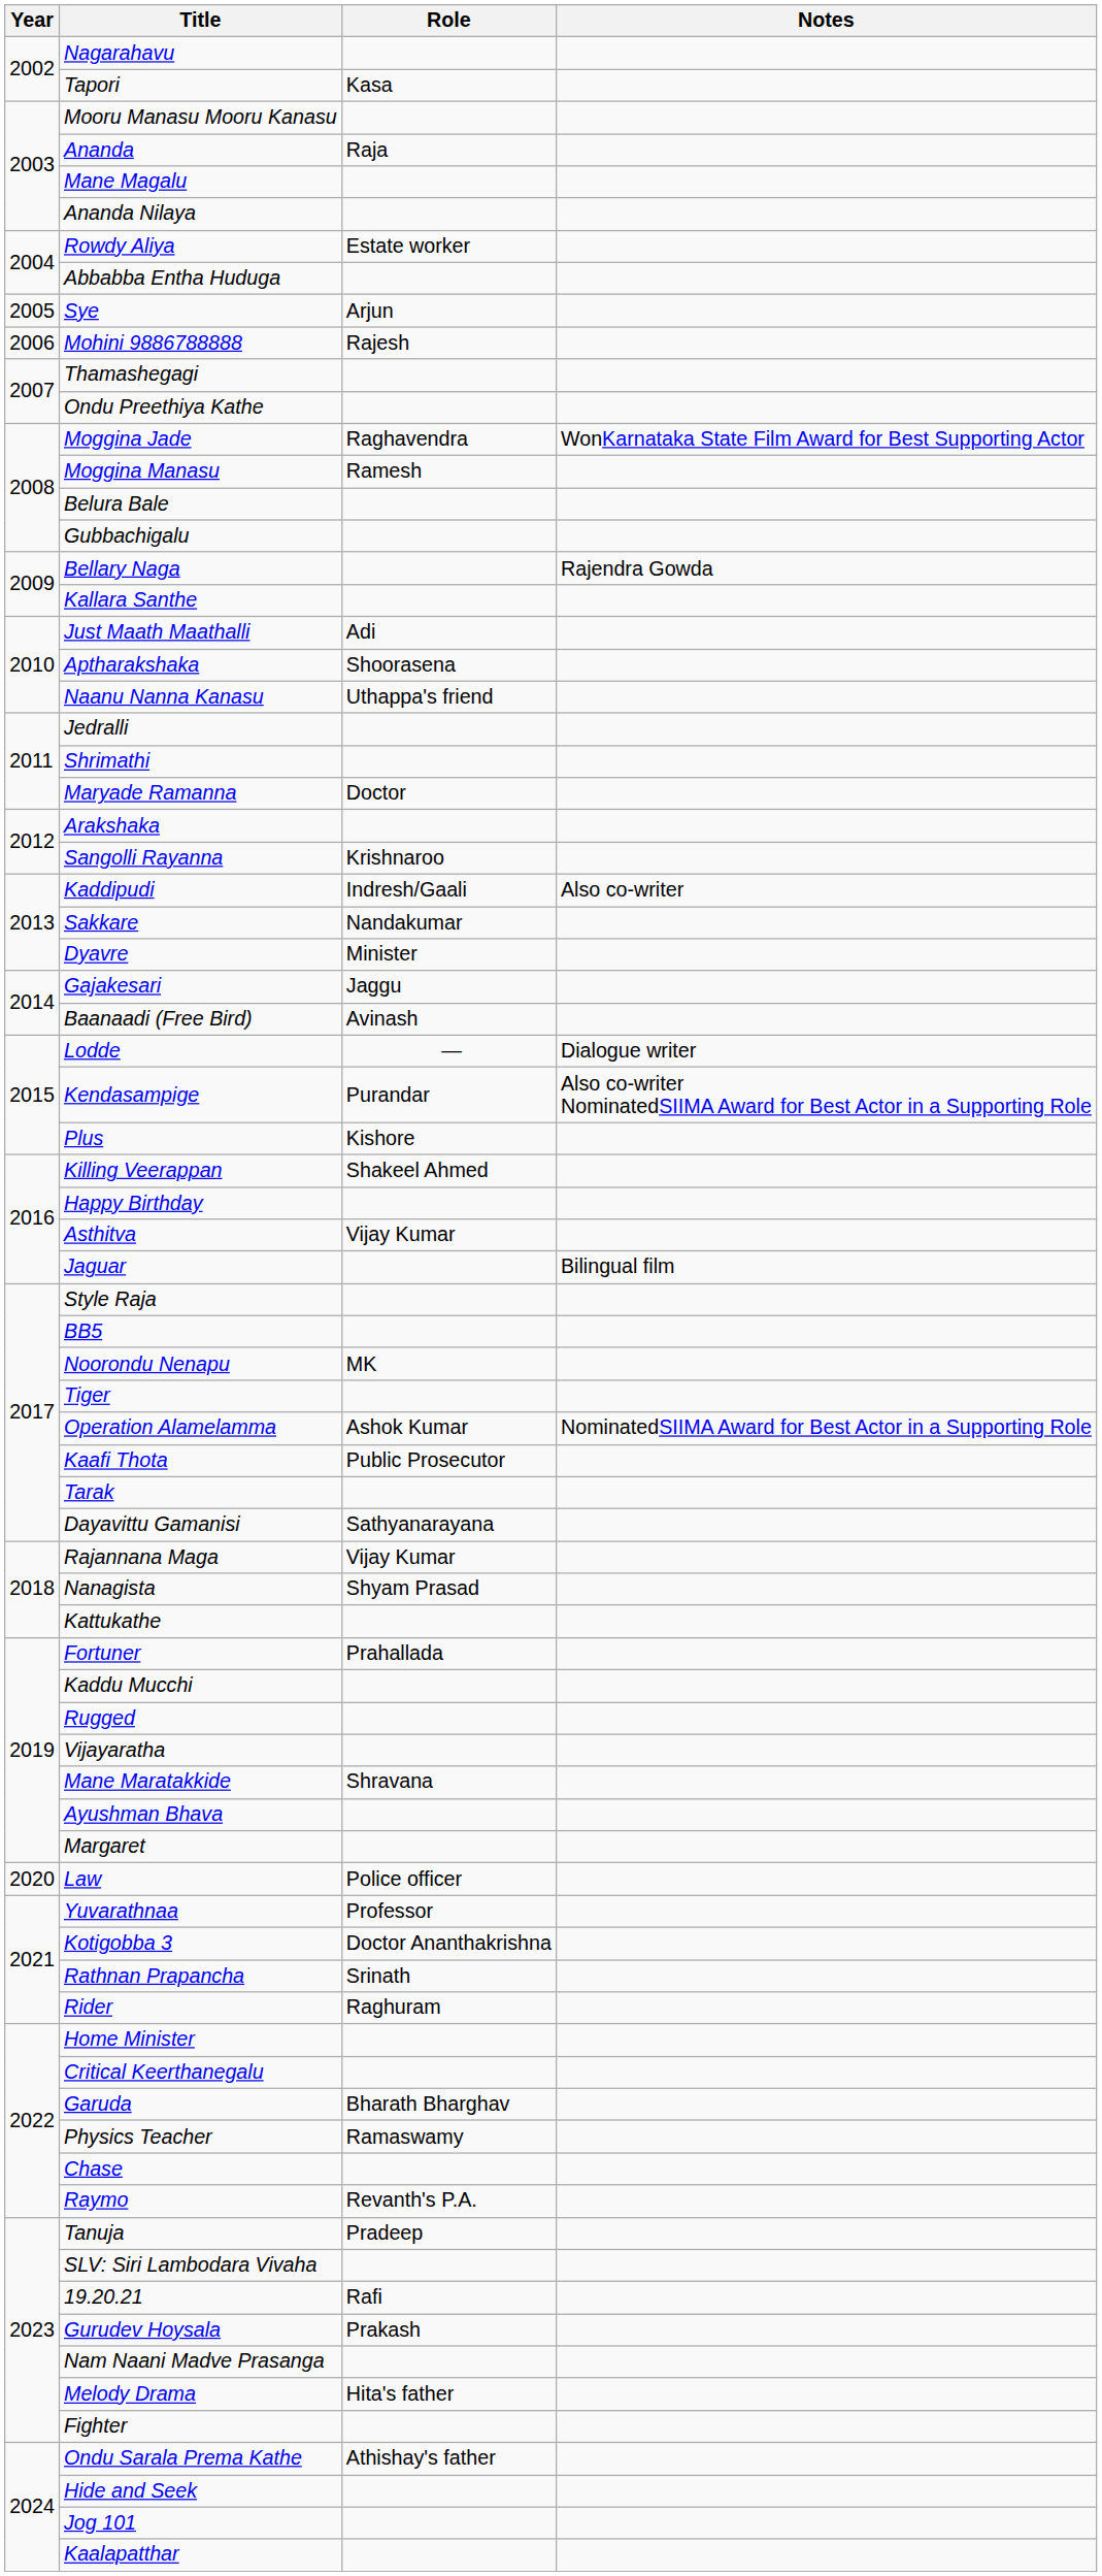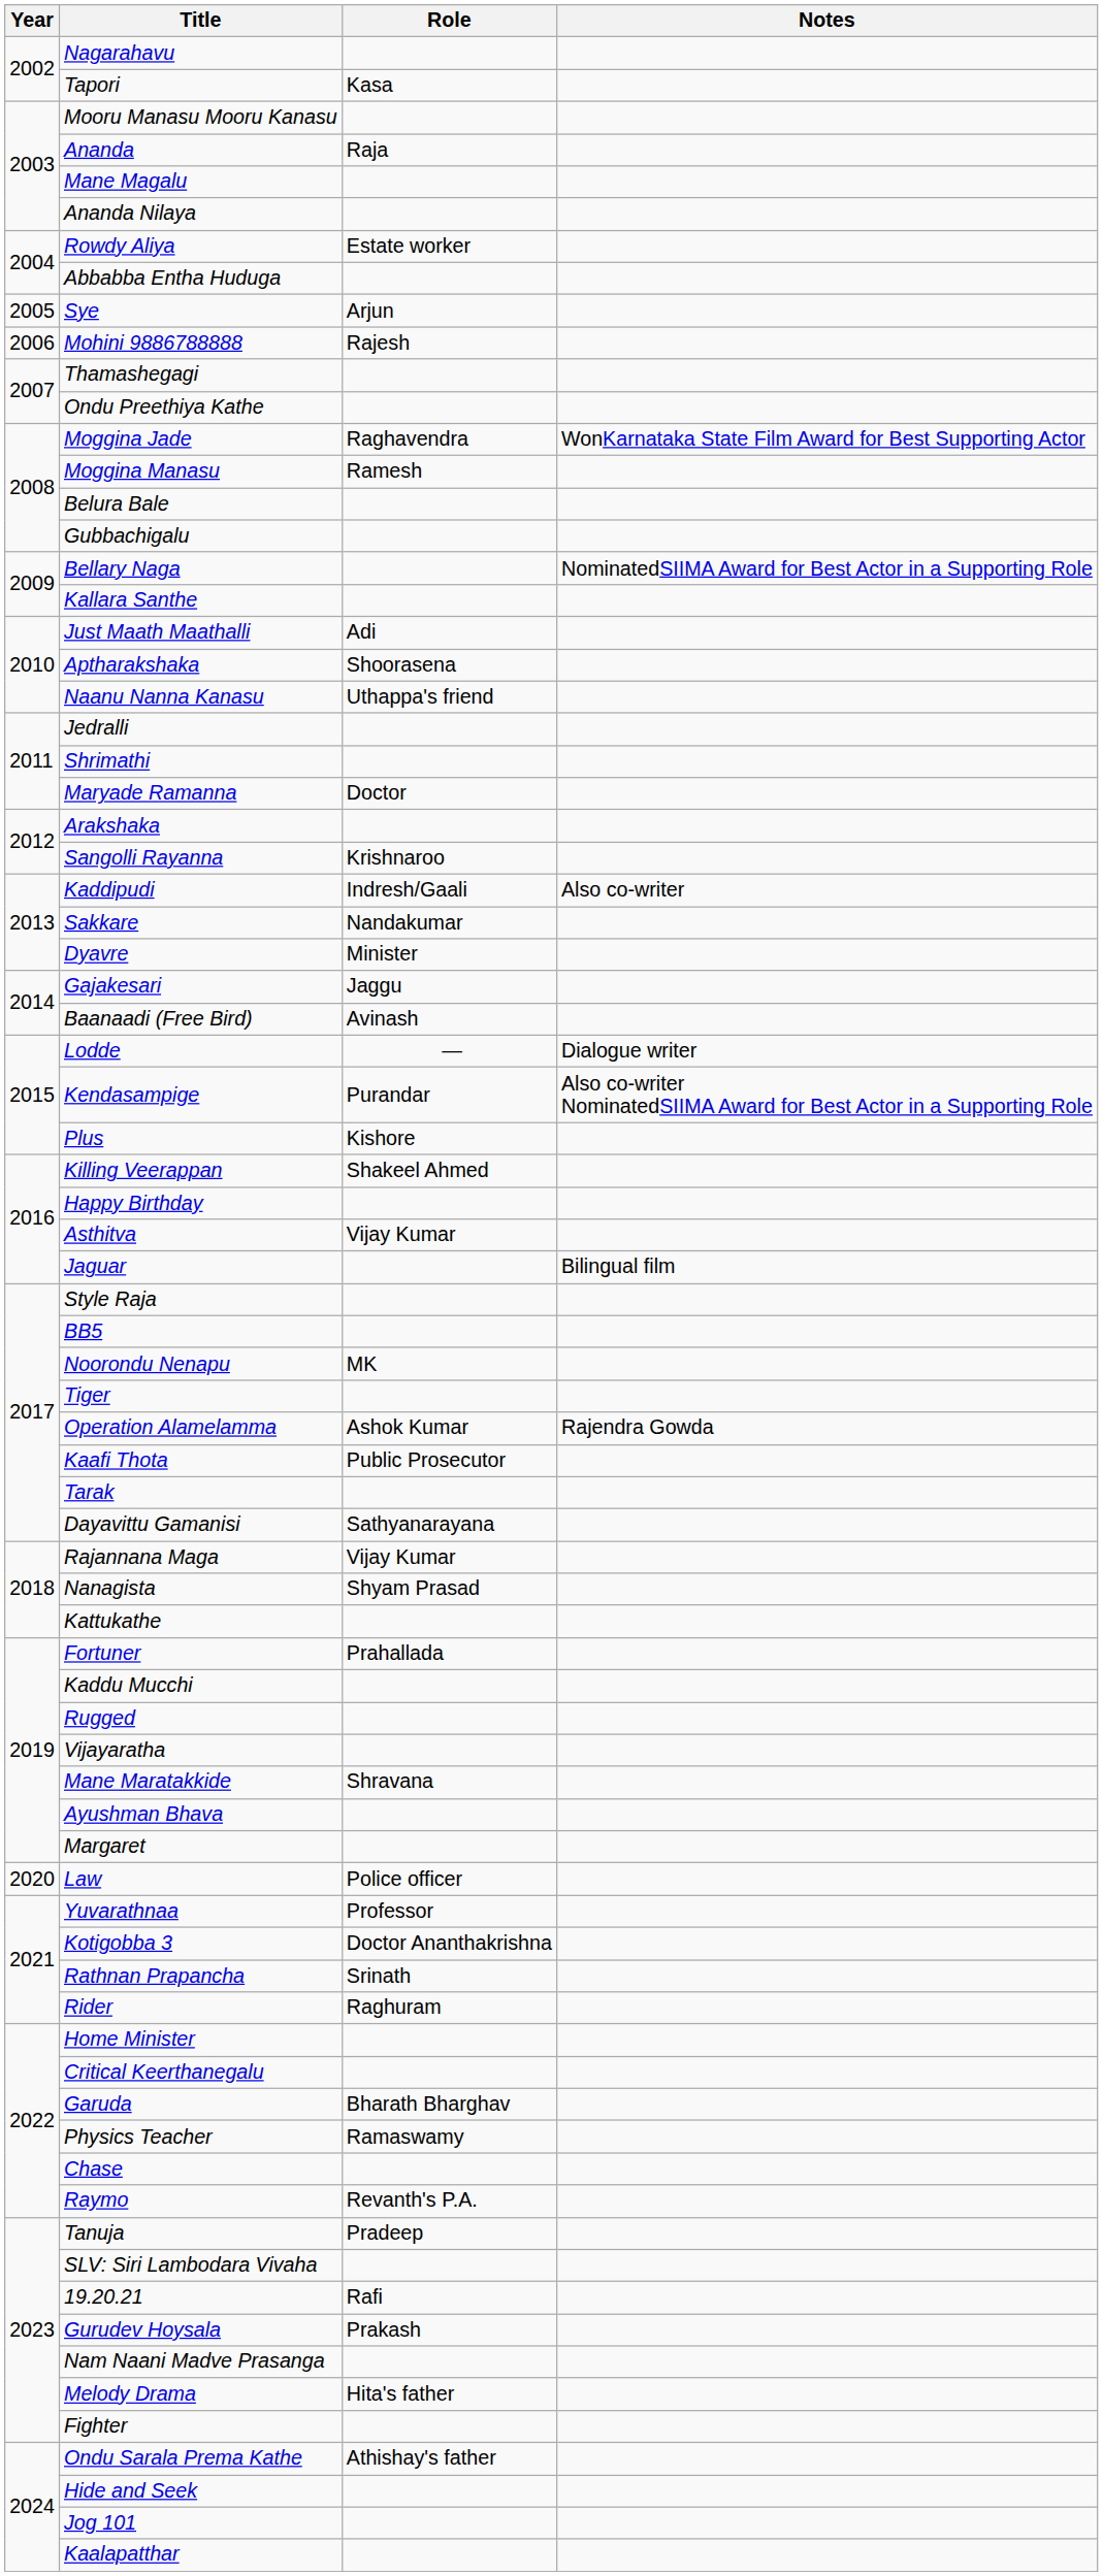 <table class="wikitable">
 <tr>
 <th>Year</th>
 <th>Title</th>
 <th>Role</th>
 <th>Notes</th>
 </tr>
 <tr>
 <td rowspan="2">2002</td>
 <td><em><a href='#'>Nagarahavu</a></em></td>
 <td></td>
 <td></td>
 </tr>
 <tr>
 <td><em>Tapori</em></td>
 <td>Kasa</td>
 <td></td>
 </tr>
 <tr>
 <td rowspan="4">2003</td>
 <td><em>Mooru Manasu Mooru Kanasu</em></td>
 <td></td>
 <td></td>
 </tr>
 <tr>
 <td><em><a href='#'>Ananda</a></em></td>
 <td>Raja</td>
 <td></td>
 </tr>
 <tr>
 <td><em><a href='#'>Mane Magalu</a></em></td>
 <td></td>
 <td></td>
 </tr>
 <tr>
 <td><em>Ananda Nilaya</em></td>
 <td></td>
 <td></td>
 </tr>
 <tr>
 <td rowspan="2">2004</td>
 <td><em><a href='#'>Rowdy Aliya</a></em></td>
 <td>Estate worker</td>
 <td></td>
 </tr>
 <tr>
 <td><em>Abbabba Entha Huduga</em></td>
 <td></td>
 <td></td>
 </tr>
 <tr>
 <td>2005</td>
 <td><em><a href='#'>Sye</a></em></td>
 <td>Arjun</td>
 <td></td>
 </tr>
 <tr>
 <td>2006</td>
 <td><em><a href='#'>Mohini 9886788888</a></em></td>
 <td>Rajesh</td>
 <td></td>
 </tr>
 <tr>
 <td rowspan="2">2007</td>
 <td><em>Thamashegagi</em></td>
 <td></td>
 <td></td>
 </tr>
 <tr>
 <td><em>Ondu Preethiya Kathe</em></td>
 <td></td>
 <td></td>
 </tr>
 <tr>
 <td rowspan="4">2008</td>
 <td><em><a href='#'>Moggina Jade</a></em></td>
 <td>Raghavendra</td>
 <td>Won<a href='#'>Karnataka State Film Award for Best Supporting Actor</a></td>
 </tr>
 <tr>
 <td><em><a href='#'>Moggina Manasu</a></em></td>
 <td>Ramesh</td>
 <td></td>
 </tr>
 <tr>
 <td><em>Belura Bale</em></td>
 <td></td>
 <td></td>
 </tr>
 <tr>
 <td><em>Gubbachigalu</em></td>
 <td></td>
 <td></td>
 </tr>
 <tr>
 <td rowspan="2">2009</td>
 <td><em><a href='#'>Bellary Naga</a></em></td>
 <td></td>
-<td>Rajendra Gowda</td>
+<td>Nominated<a href='#'>SIIMA Award for Best Actor in a Supporting Role</a></td>
 </tr>
 <tr>
 <td><em><a href='#'>Kallara Santhe</a></em></td>
 <td></td>
 <td></td>
 </tr>
 <tr>
 <td rowspan="3">2010</td>
 <td><em><a href='#'>Just Maath Maathalli</a></em></td>
 <td>Adi</td>
 <td></td>
 </tr>
 <tr>
 <td><em><a href='#'>Aptharakshaka</a></em></td>
 <td>Shoorasena</td>
 <td></td>
 </tr>
 <tr>
 <td><em><a href='#'>Naanu Nanna Kanasu</a></em></td>
 <td>Uthappa's friend</td>
 <td></td>
 </tr>
 <tr>
 <td rowspan="3">2011</td>
 <td><em>Jedralli</em></td>
 <td></td>
 <td></td>
 </tr>
 <tr>
 <td><em><a href='#'>Shrimathi</a></em></td>
 <td></td>
 <td></td>
 </tr>
 <tr>
 <td><em><a href='#'>Maryade Ramanna</a></em></td>
 <td>Doctor</td>
 <td></td>
 </tr>
 <tr>
 <td rowspan="2">2012</td>
 <td><em><a href='#'>Arakshaka</a></em></td>
 <td></td>
 <td></td>
 </tr>
 <tr>
 <td><em><a href='#'>Sangolli Rayanna</a></em></td>
 <td>Krishnaroo</td>
 <td></td>
 </tr>
 <tr>
 <td rowspan="3">2013</td>
 <td><em><a href='#'>Kaddipudi</a></em></td>
 <td>Indresh/Gaali</td>
 <td>Also co-writer</td>
 </tr>
 <tr>
 <td><em><a href='#'>Sakkare</a></em></td>
 <td>Nandakumar</td>
 <td></td>
 </tr>
 <tr>
 <td><em><a href='#'>Dyavre</a></em></td>
 <td>Minister</td>
 <td></td>
 </tr>
 <tr>
 <td rowspan="2">2014</td>
 <td><em><a href='#'>Gajakesari</a></em></td>
 <td>Jaggu</td>
 </tr>
 <tr>
 <td><em>Baanaadi (Free Bird)</em></td>
 <td>Avinash</td>
 <td></td>
 </tr>
 <tr>
 <td rowspan="3">2015</td>
 <td><em><a href='#'>Lodde</a></em></td>
 <td style="text-align:center;"> —</td>
 <td>Dialogue writer</td>
 </tr>
 <tr>
 <td><em><a href='#'>Kendasampige</a></em></td>
 <td>Purandar</td>
 <td>Also co-writer<br>Nominated<a href='#'>SIIMA Award for Best Actor in a Supporting Role</a></td>
 </tr>
 <tr>
 <td><em><a href='#'>Plus</a></em></td>
 <td>Kishore</td>
 <td></td>
 </tr>
 <tr>
 <td rowspan="4">2016</td>
 <td><em><a href='#'>Killing Veerappan</a></em></td>
 <td>Shakeel Ahmed</td>
 <td></td>
 </tr>
 <tr>
 <td><em><a href='#'>Happy Birthday</a></em></td>
 <td></td>
 <td></td>
 </tr>
 <tr>
 <td><em><a href='#'>Asthitva</a></em></td>
 <td>Vijay Kumar</td>
 <td></td>
 </tr>
 <tr>
 <td><em><a href='#'>Jaguar</a></em></td>
 <td></td>
 <td>Bilingual film</td>
 </tr>
 <tr>
 <td rowspan="8">2017</td>
 <td><em>Style Raja</em></td>
 <td></td>
 <td></td>
 </tr>
 <tr>
 <td><em><a href='#'>BB5</a></em></td>
 <td></td>
 <td></td>
 </tr>
 <tr>
 <td><em><a href='#'>Noorondu Nenapu</a></em></td>
 <td>MK</td>
 <td></td>
 </tr>
 <tr>
 <td><em><a href='#'>Tiger</a></em></td>
 <td></td>
 <td></td>
 </tr>
 <tr>
 <td><em><a href='#'>Operation Alamelamma</a></em></td>
 <td>Ashok Kumar</td>
-<td>Nominated<a href='#'>SIIMA Award for Best Actor in a Supporting Role</a></td>
+<td>Rajendra Gowda</td>
 </tr>
 <tr>
 <td><em><a href='#'>Kaafi Thota</a></em></td>
 <td>Public Prosecutor</td>
 <td></td>
 </tr>
 <tr>
 <td><em><a href='#'>Tarak</a></em></td>
 <td></td>
 <td></td>
 </tr>
 <tr>
 <td><em>Dayavittu Gamanisi</em></td>
 <td>Sathyanarayana</td>
 <td></td>
 </tr>
 <tr>
 <td rowspan="3">2018</td>
 <td><em>Rajannana Maga</em></td>
 <td>Vijay Kumar</td>
 <td></td>
 </tr>
 <tr>
 <td><em>Nanagista</em></td>
 <td>Shyam Prasad</td>
 <td></td>
 </tr>
 <tr>
 <td><em>Kattukathe</em></td>
 <td></td>
 <td></td>
 </tr>
 <tr>
 <td rowspan="7">2019</td>
 <td><em><a href='#'>Fortuner</a></em></td>
 <td>Prahallada</td>
 <td></td>
 </tr>
 <tr>
 <td><em>Kaddu Mucchi</em></td>
 <td></td>
 <td></td>
 </tr>
 <tr>
 <td><em><a href='#'>Rugged</a></em></td>
 <td></td>
 <td></td>
 </tr>
 <tr>
 <td><em>Vijayaratha</em></td>
 <td></td>
 <td></td>
 </tr>
 <tr>
 <td><em><a href='#'>Mane Maratakkide</a></em></td>
 <td>Shravana</td>
 <td></td>
 </tr>
 <tr>
 <td><em><a href='#'>Ayushman Bhava</a></em></td>
 <td></td>
 <td></td>
 </tr>
 <tr>
 <td><em>Margaret</em></td>
 <td></td>
 <td></td>
 </tr>
 <tr>
 <td>2020</td>
 <td><em><a href='#'>Law</a></em></td>
 <td>Police officer</td>
 <td></td>
 </tr>
 <tr>
 <td rowspan="4">2021</td>
 <td><em><a href='#'>Yuvarathnaa</a></em></td>
 <td>Professor</td>
 <td></td>
 </tr>
 <tr>
 <td><em><a href='#'>Kotigobba 3</a></em></td>
 <td>Doctor Ananthakrishna</td>
 <td></td>
 </tr>
 <tr>
 <td><em><a href='#'>Rathnan Prapancha</a></em></td>
 <td>Srinath</td>
 <td></td>
 </tr>
 <tr>
 <td><em><a href='#'>Rider</a></em></td>
 <td>Raghuram</td>
 <td></td>
 </tr>
 <tr>
 <td rowspan="6">2022</td>
 <td><em><a href='#'>Home Minister</a></em></td>
 <td></td>
 <td></td>
 </tr>
 <tr>
 <td><em><a href='#'>Critical Keerthanegalu</a></em></td>
 <td></td>
 <td></td>
 </tr>
 <tr>
 <td><em><a href='#'>Garuda</a></em></td>
 <td>Bharath Bharghav</td>
 <td></td>
 </tr>
 <tr>
 <td><em>Physics Teacher</em></td>
 <td>Ramaswamy</td>
 <td></td>
 </tr>
 <tr>
 <td><em><a href='#'>Chase</a></em></td>
 <td></td>
 <td></td>
 </tr>
 <tr>
 <td><em><a href='#'>Raymo</a></em></td>
 <td>Revanth's P.A.</td>
 <td></td>
 </tr>
 <tr>
 <td rowspan="7">2023</td>
 <td><em>Tanuja</em></td>
 <td>Pradeep</td>
 <td></td>
 </tr>
 <tr>
 <td><em>SLV: Siri Lambodara Vivaha</em></td>
 <td></td>
 <td></td>
 </tr>
 <tr>
 <td><em>19.20.21</em></td>
 <td>Rafi</td>
 <td></td>
 </tr>
 <tr>
 <td><em><a href='#'>Gurudev Hoysala</a></em></td>
 <td>Prakash</td>
 <td></td>
 </tr>
 <tr>
 <td><em>Nam Naani Madve Prasanga</em></td>
 <td></td>
 <td></td>
 </tr>
 <tr>
 <td><em><a href='#'>Melody Drama</a></em></td>
 <td>Hita's father</td>
 <td></td>
 </tr>
 <tr>
 <td><em>Fighter</em></td>
 <td></td>
 <td></td>
 </tr>
 <tr>
 <td rowspan=4>2024</td>
 <td><em><a href='#'>Ondu Sarala Prema Kathe</a></em></td>
 <td>Athishay's father</td>
 <td></td>
 </tr>
 <tr>
 <td><em><a href='#'>Hide and Seek</a></em></td>
 <td></td>
 <td></td>
 </tr>
 <tr>
 <td><em><a href='#'>Jog 101</a></em></td>
 <td></td>
 <td></td>
 </tr>
 <tr>
 <td><em><a href='#'>Kaalapatthar</a></em></td>
 <td></td>
 <td></td>
 </tr>
 <tr>
 </tr>
 </table>
